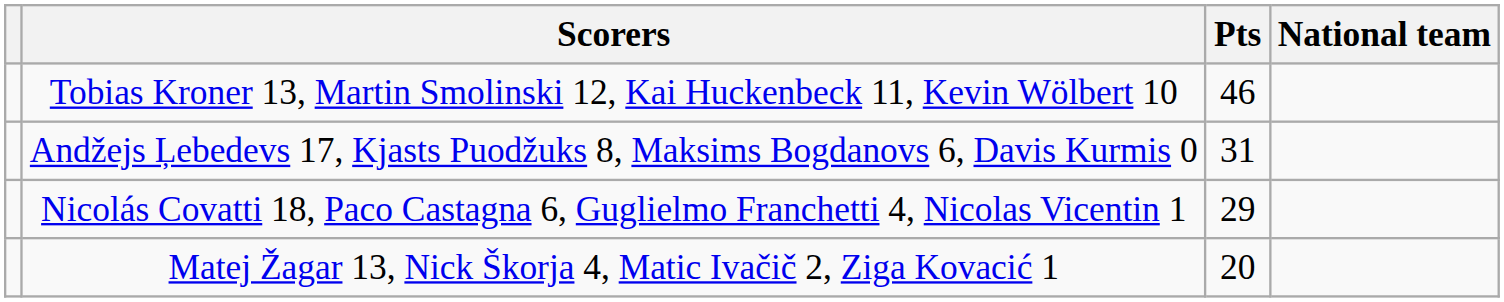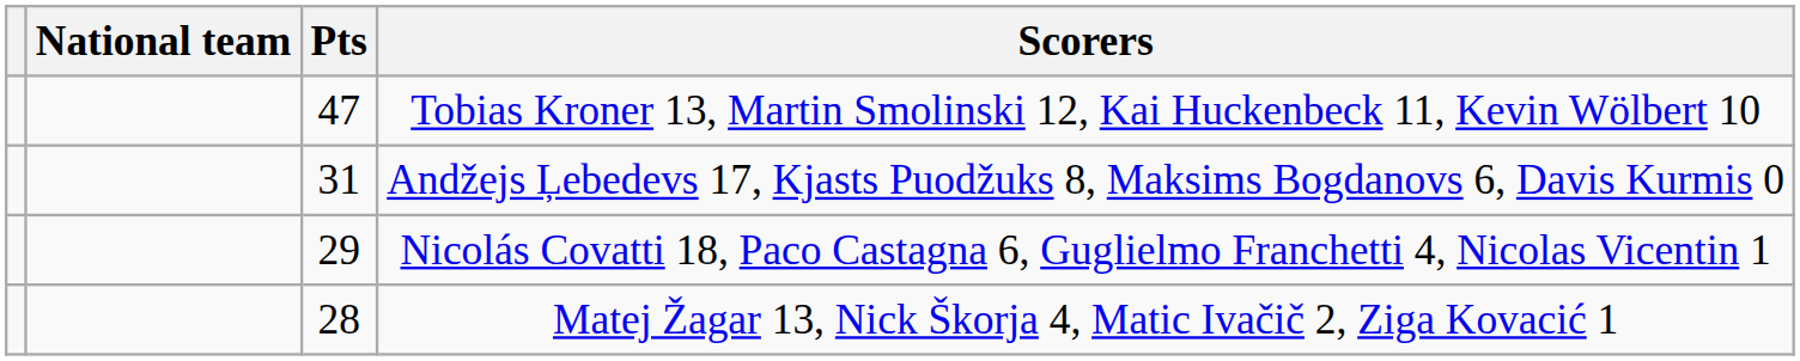 <table class=wikitable style="font-size: 95%">
 <tr>
 <th></th>
+<th>National team</th>
+<th>Pts</th>
 <th>Scorers</th>
-<th>Pts</th>
-<th>National team</th>
 </tr>
 <tr align=center >
 <td></td>
+<td align=left></td>
+<td>47</td>
 <td><a href='#'>Tobias Kroner</a> 13, <a href='#'>Martin Smolinski</a> 12, <a href='#'>Kai Huckenbeck</a> 11, <a href='#'>Kevin Wölbert</a> 10</td>
-<td>46</td>
-<td align=left></td>
 </tr>
 <tr align=center>
 <td></td>
+<td align=left></td>
+<td>31</td>
 <td><a href='#'>Andžejs Ļebedevs</a> 17, <a href='#'>Kjasts Puodžuks</a> 8, <a href='#'>Maksims Bogdanovs</a> 6, <a href='#'>Davis Kurmis</a> 0</td>
-<td>31</td>
-<td align=left></td>
 </tr>
 <tr align=center>
 <td></td>
+<td align=left></td>
+<td>29</td>
 <td><a href='#'>Nicolás Covatti</a> 18, <a href='#'>Paco Castagna</a> 6, <a href='#'>Guglielmo Franchetti</a> 4, <a href='#'>Nicolas Vicentin</a> 1</td>
-<td>29</td>
-<td align=left></td>
 </tr>
 <tr align=center>
 <td></td>
+<td align=left></td>
+<td>28</td>
 <td><a href='#'>Matej Žagar</a> 13, <a href='#'>Nick Škorja</a> 4, <a href='#'>Matic Ivačič</a> 2, <a href='#'>Ziga Kovacić</a> 1</td>
-<td>20</td>
-<td align=left></td>
 </tr>
 </table>
